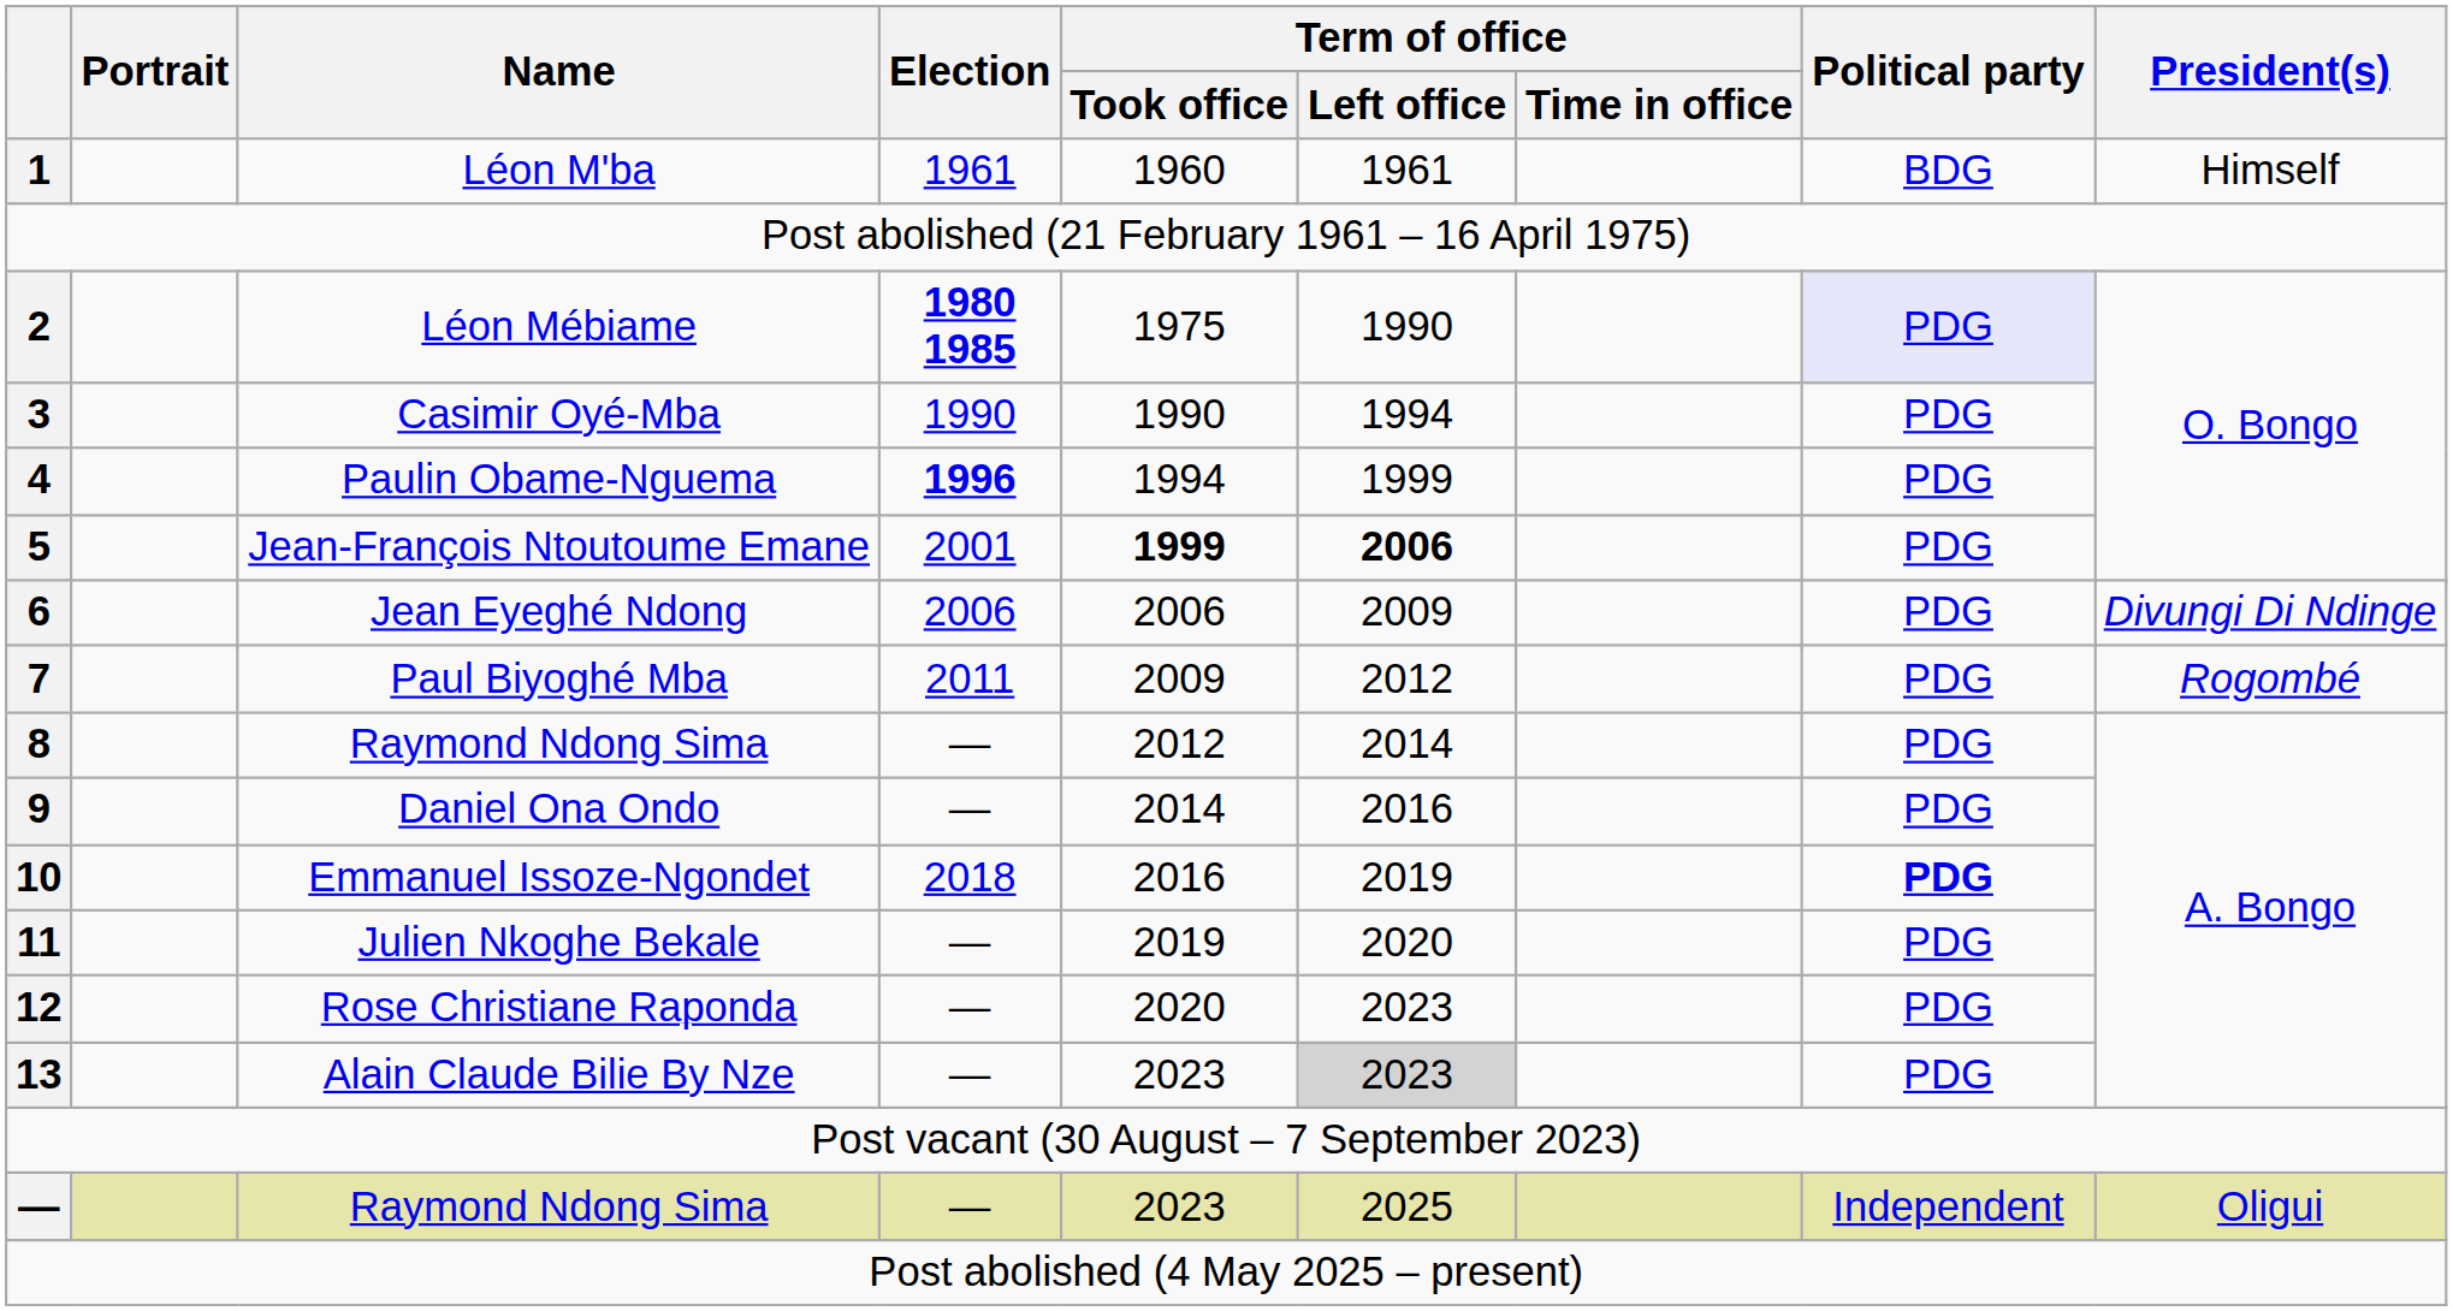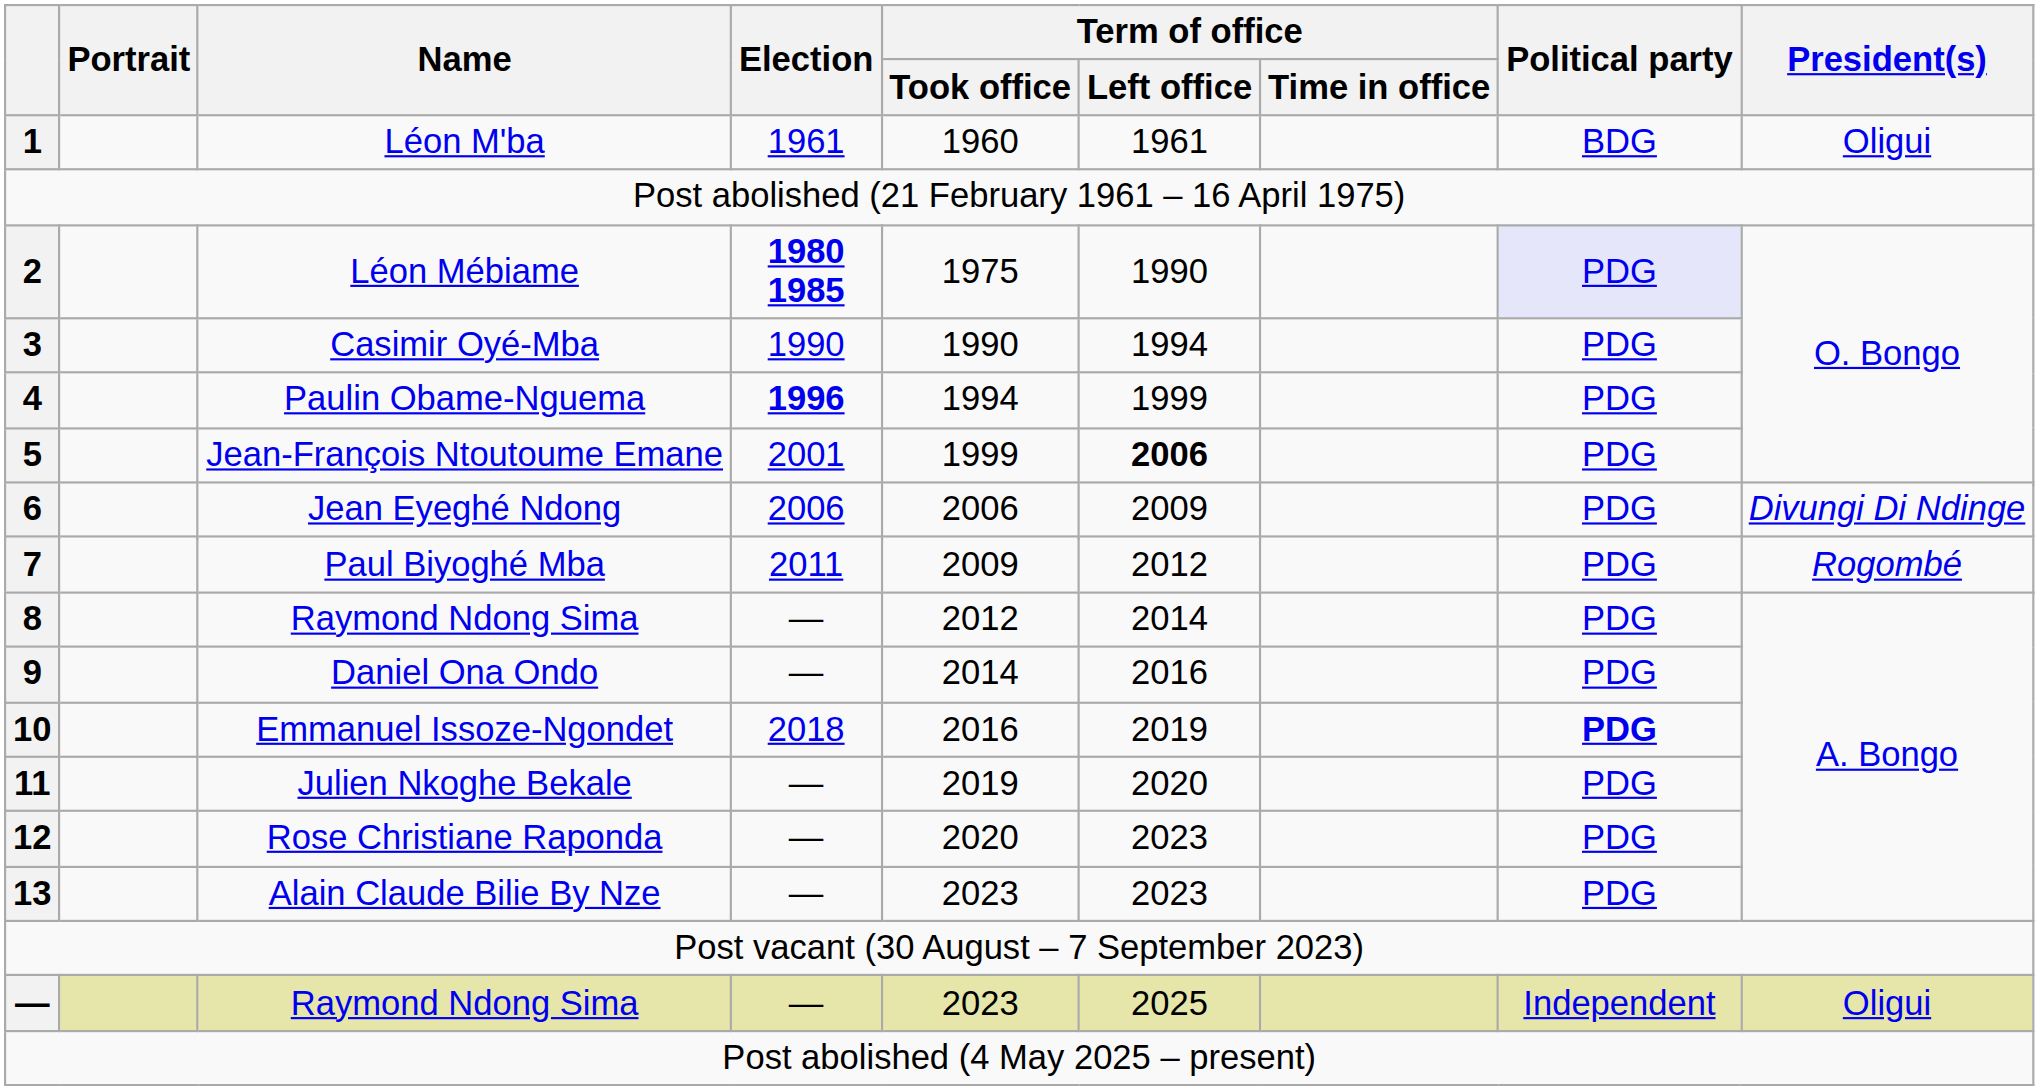 <table class="wikitable" style="text-align:center">
 <tr>
 <th rowspan="2"></th>
 <th rowspan="2">Portrait</th>
 <th rowspan="2">Name<br></th>
 <th rowspan="2">Election</th>
 <th colspan="3">Term of office</th>
 <th rowspan="2">Political party</th>
 <th rowspan="2"><a href='#'>President(s)</a></th>
 </tr>
 <tr>
 <th>Took office</th>
 <th>Left office</th>
 <th>Time in office</th>
 </tr>
 <tr>
 <th style="background:">1</th>
 <td></td>
 <td><a href='#'>Léon M'ba</a><br></td>
 <td><a href='#'>1961</a></td>
 <td> 1960</td>
 <td> 1961</td>
 <td></td>
 <td><a href='#'>BDG</a></td>
-<td>Himself</td>
+<td><a href='#'>Oligui</a></td>
 </tr>
 <tr>
 <td colspan="9">Post abolished (21 February 1961 – 16 April 1975)</td>
 </tr>
 <tr>
 <th style="background:">2</th>
 <td></td>
 <td><a href='#'>Léon Mébiame</a><br></td>
 <td><strong><a href='#'>1980</a><br><a href='#'>1985</a></strong></td>
 <td> 1975</td>
 <td> 1990</td>
 <td></td>
 <td style="background: lavender;"><a href='#'>PDG</a></td>
 <td rowspan=5><a href='#'>O. Bongo</a></td>
 </tr>
 <tr>
 <th style="background:">3</th>
 <td></td>
 <td><a href='#'>Casimir Oyé-Mba</a><br></td>
 <td><a href='#'>1990</a></td>
 <td> 1990</td>
 <td> 1994</td>
 <td></td>
 <td><a href='#'>PDG</a></td>
 </tr>
 <tr>
 <th style="background:">4</th>
 <td></td>
 <td><a href='#'>Paulin Obame-Nguema</a><br></td>
 <td><strong><a href='#'>1996</a></strong></td>
 <td> 1994</td>
 <td> 1999</td>
 <td></td>
 <td><a href='#'>PDG</a></td>
 </tr>
 <tr>
 <th style="background:">5</th>
 <td></td>
 <td><a href='#'>Jean-François Ntoutoume Emane</a><br></td>
 <td><a href='#'>2001</a></td>
-<td><strong> 1999</strong></td>
+<td> 1999</td>
 <td><strong> 2006</strong></td>
 <td></td>
 <td><a href='#'>PDG</a></td>
 </tr>
 <tr>
 <th rowspan=3 style="background:">6</th>
 <td rowspan=3></td>
 <td rowspan=3><a href='#'>Jean Eyeghé Ndong</a><br></td>
 <td rowspan=3><a href='#'>2006</a></td>
 <td rowspan=3> 2006</td>
 <td rowspan=3> 2009</td>
 <td rowspan=3></td>
 <td rowspan=3><a href='#'>PDG</a></td>
 </tr>
 <tr>
 <td><a href='#'><em>Divungi Di Ndinge</em></a></td>
 </tr>
 <tr>
 <td rowspan=2><a href='#'><em>Rogombé</em></a></td>
 </tr>
 <tr>
 <th rowspan=2 style="background:">7</th>
 <td rowspan=2></td>
 <td rowspan=2><a href='#'>Paul Biyoghé Mba</a><br></td>
 <td rowspan=2><a href='#'>2011</a></td>
 <td rowspan=2> 2009</td>
 <td rowspan=2> 2012</td>
 <td rowspan=2></td>
 <td rowspan=2><a href='#'>PDG</a></td>
 </tr>
 <tr>
 <td rowspan=7><a href='#'>A. Bongo</a></td>
 </tr>
 <tr>
 <th style="background:">8</th>
 <td></td>
 <td><a href='#'>Raymond Ndong Sima</a><br></td>
 <td>—</td>
 <td> 2012</td>
 <td> 2014</td>
 <td></td>
 <td><a href='#'>PDG</a></td>
 </tr>
 <tr>
 <th style="background:">9</th>
 <td></td>
 <td><a href='#'>Daniel Ona Ondo</a><br></td>
 <td>—</td>
 <td> 2014</td>
 <td> 2016</td>
 <td></td>
 <td><a href='#'>PDG</a></td>
 </tr>
 <tr>
 <th style="background:">10</th>
 <td></td>
 <td><a href='#'>Emmanuel Issoze-Ngondet</a><br></td>
 <td><a href='#'>2018</a></td>
 <td> 2016</td>
 <td> 2019</td>
 <td></td>
 <td><strong><a href='#'>PDG</a></strong></td>
 </tr>
 <tr>
 <th style="background:">11</th>
 <td></td>
 <td><a href='#'>Julien Nkoghe Bekale</a><br></td>
 <td>—</td>
 <td> 2019</td>
 <td> 2020</td>
 <td></td>
 <td><a href='#'>PDG</a></td>
 </tr>
 <tr>
 <th style="background:">12</th>
 <td></td>
 <td><a href='#'>Rose Christiane Raponda</a><br></td>
 <td>—</td>
 <td> 2020</td>
 <td> 2023</td>
 <td></td>
 <td><a href='#'>PDG</a></td>
 </tr>
 <tr>
 <th style="background:">13</th>
 <td></td>
 <td><a href='#'>Alain Claude Bilie By Nze</a><br></td>
 <td>—</td>
 <td> 2023</td>
-<td style="background: lightgrey;"> 2023<br></td>
+<td> 2023<br></td>
 <td></td>
 <td><a href='#'>PDG</a></td>
 </tr>
 <tr>
 <td colspan="9">Post vacant (30 August – 7 September 2023)</td>
 </tr>
 <tr style="background:#e6e6aa;">
 <th style="background:">—</th>
 <td></td>
 <td><a href='#'>Raymond Ndong Sima</a><br></td>
 <td>—</td>
 <td> 2023</td>
 <td> 2025</td>
 <td></td>
 <td><a href='#'>Independent</a></td>
 <td><a href='#'>Oligui</a></td>
 </tr>
 <tr>
 <td colspan="9">Post abolished (4 May 2025 – present)</td>
 </tr>
 </table>
